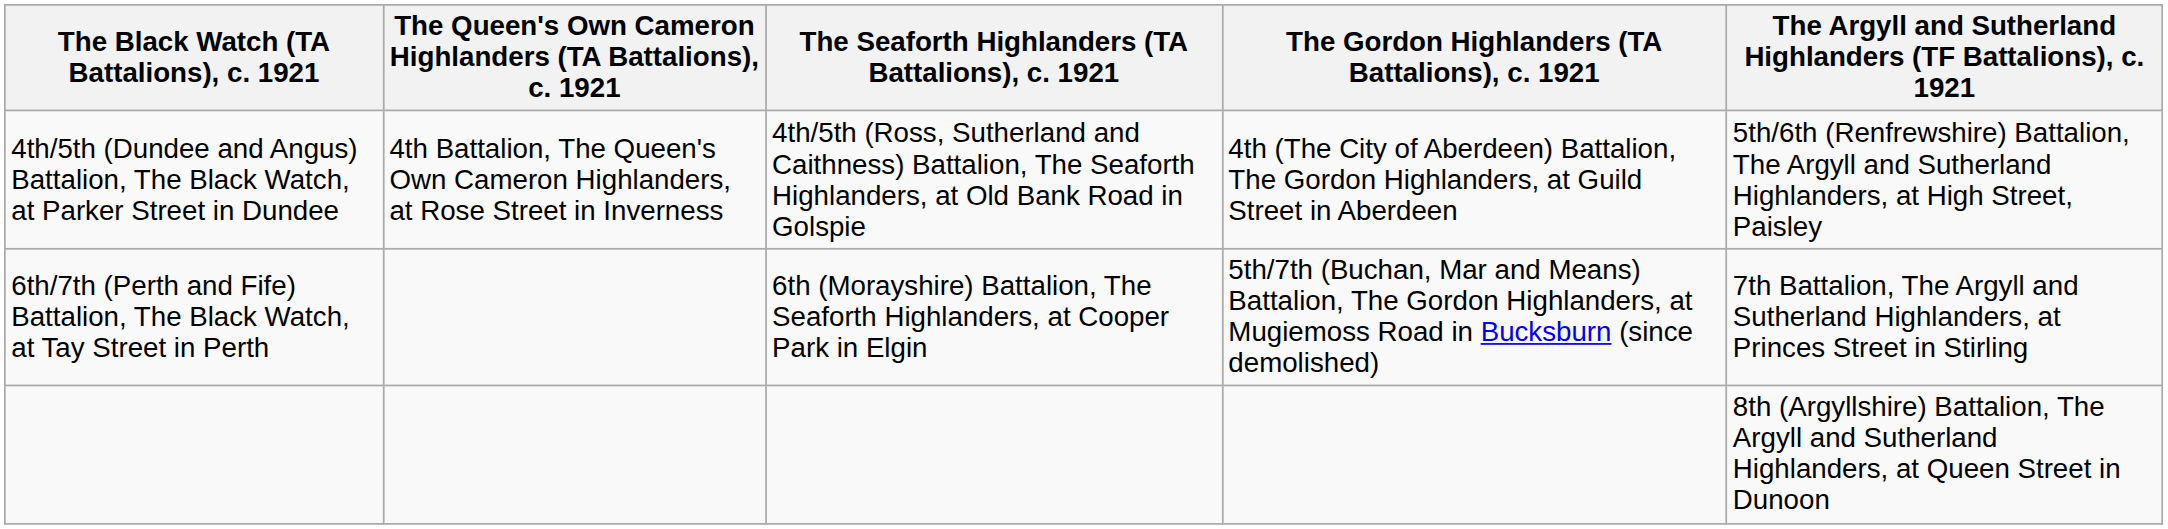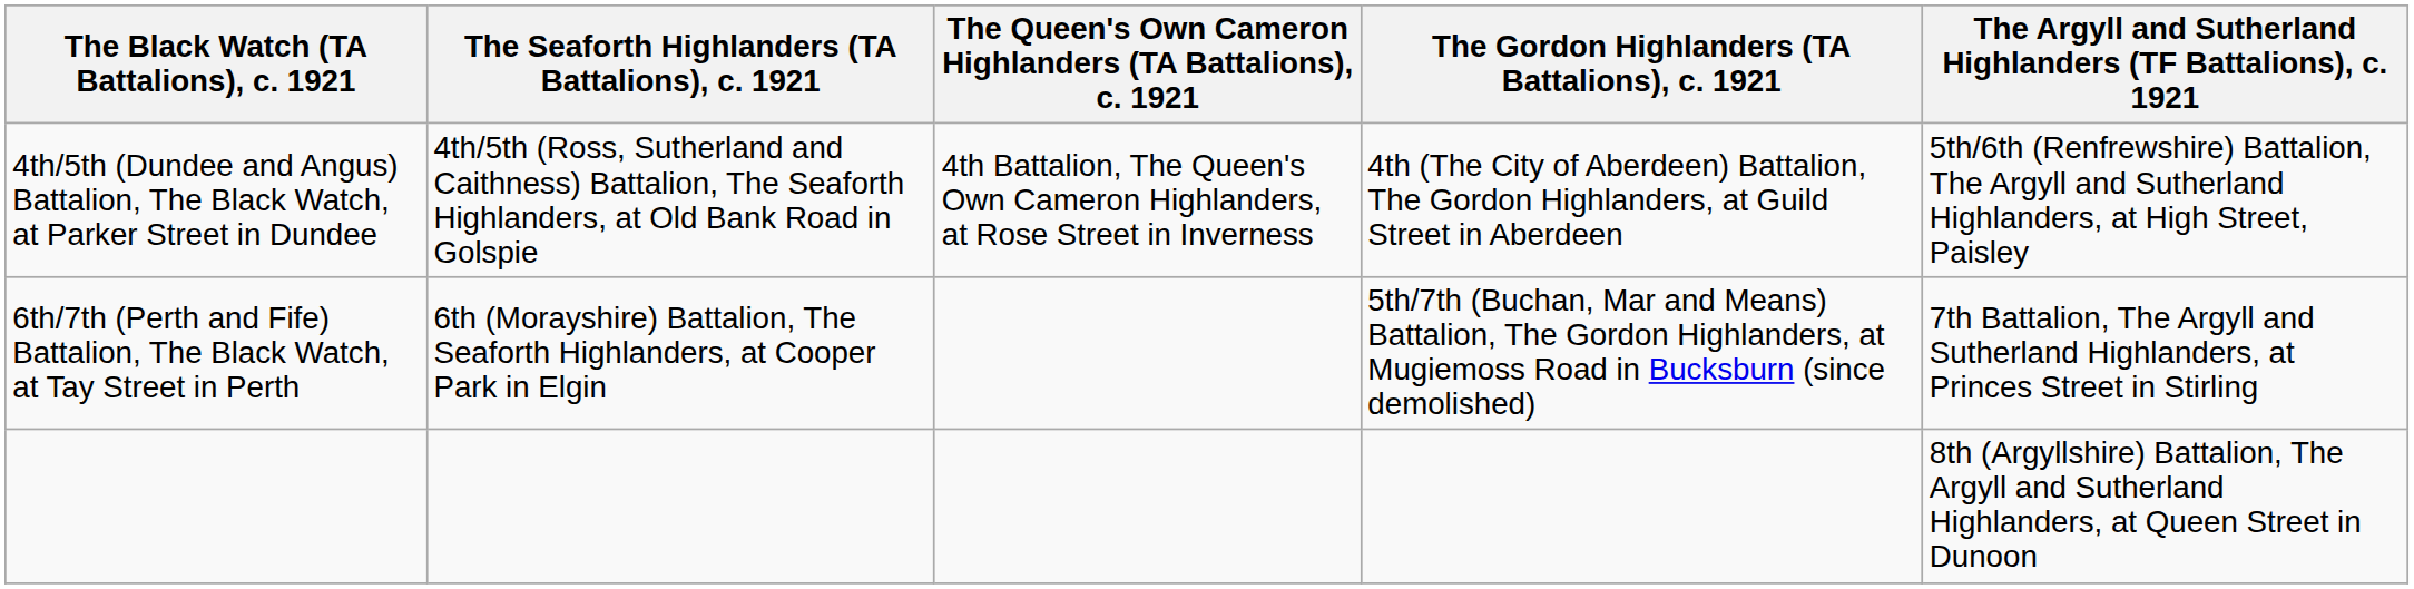 <table class="wikitable">
 <tr>
 <th>The Black Watch (TA Battalions), c. 1921</th>
+<th>The Seaforth Highlanders (TA Battalions), c. 1921</th>
 <th>The Queen's Own Cameron Highlanders (TA Battalions), c. 1921</th>
-<th>The Seaforth Highlanders (TA Battalions), c. 1921</th>
 <th>The Gordon Highlanders (TA Battalions), c. 1921</th>
 <th>The Argyll and Sutherland Highlanders (TF Battalions), c. 1921</th>
 </tr>
 <tr>
 <td>4th/5th (Dundee and Angus) Battalion, The Black Watch, at Parker Street in Dundee</td>
+<td>4th/5th (Ross, Sutherland and Caithness) Battalion, The Seaforth Highlanders, at Old Bank Road in Golspie</td>
 <td>4th Battalion, The Queen's Own Cameron Highlanders, at Rose Street in Inverness</td>
-<td>4th/5th (Ross, Sutherland and Caithness) Battalion, The Seaforth Highlanders, at Old Bank Road in Golspie</td>
 <td>4th (The City of Aberdeen) Battalion, The Gordon Highlanders, at Guild Street in Aberdeen</td>
 <td>5th/6th (Renfrewshire) Battalion, The Argyll and Sutherland Highlanders, at High Street, Paisley</td>
 </tr>
 <tr>
 <td>6th/7th (Perth and Fife) Battalion, The Black Watch, at Tay Street in Perth</td>
+<td>6th (Morayshire) Battalion, The Seaforth Highlanders, at Cooper Park in Elgin</td>
 <td></td>
-<td>6th (Morayshire) Battalion, The Seaforth Highlanders, at Cooper Park in Elgin</td>
 <td>5th/7th (Buchan, Mar and Means) Battalion, The Gordon Highlanders, at Mugiemoss Road in <a href='#'>Bucksburn</a> (since demolished)</td>
 <td>7th Battalion, The Argyll and Sutherland Highlanders, at Princes Street in Stirling</td>
 </tr>
 <tr>
 <td></td>
 <td></td>
 <td></td>
 <td></td>
 <td>8th (Argyllshire) Battalion,  The Argyll and Sutherland Highlanders, at Queen Street in Dunoon</td>
 </tr>
 </table>
